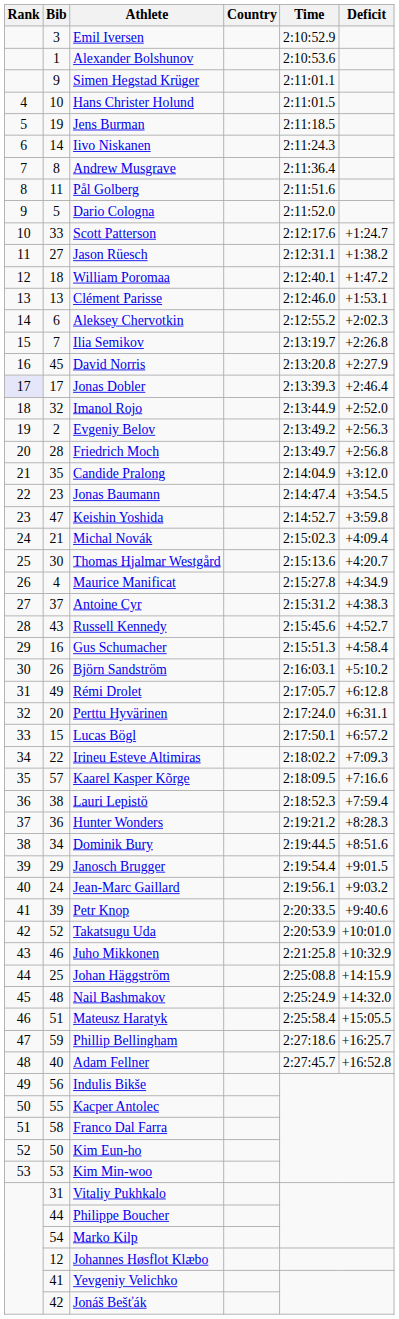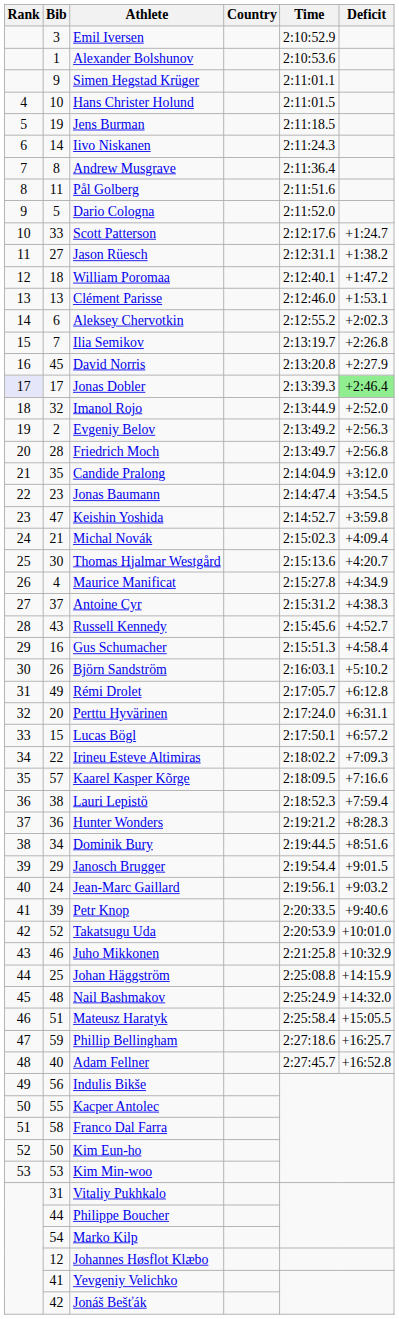 <table class="wikitable sortable" style="text-align:center">
 <tr>
 <th>Rank</th>
 <th>Bib</th>
 <th>Athlete</th>
 <th>Country</th>
 <th>Time</th>
 <th>Deficit</th>
 </tr>
 <tr>
 <td></td>
 <td>3</td>
 <td align=left><a href='#'>Emil Iversen</a></td>
 <td align=left></td>
 <td>2:10:52.9</td>
 <td></td>
 </tr>
 <tr>
 <td></td>
 <td>1</td>
 <td align=left><a href='#'>Alexander Bolshunov</a></td>
 <td align=left></td>
 <td>2:10:53.6</td>
 <td></td>
 </tr>
 <tr>
 <td></td>
 <td>9</td>
 <td align=left><a href='#'>Simen Hegstad Krüger</a></td>
 <td align=left></td>
 <td>2:11:01.1</td>
 <td></td>
 </tr>
 <tr>
 <td>4</td>
 <td>10</td>
 <td align=left><a href='#'>Hans Christer Holund</a></td>
 <td align=left></td>
 <td>2:11:01.5</td>
 <td></td>
 </tr>
 <tr>
 <td>5</td>
 <td>19</td>
 <td align=left><a href='#'>Jens Burman</a></td>
 <td align=left></td>
 <td>2:11:18.5</td>
 <td></td>
 </tr>
 <tr>
 <td>6</td>
 <td>14</td>
 <td align=left><a href='#'>Iivo Niskanen</a></td>
 <td align=left></td>
 <td>2:11:24.3</td>
 <td></td>
 </tr>
 <tr>
 <td>7</td>
 <td>8</td>
 <td align=left><a href='#'>Andrew Musgrave</a></td>
 <td align=left></td>
 <td>2:11:36.4</td>
 <td></td>
 </tr>
 <tr>
 <td>8</td>
 <td>11</td>
 <td align=left><a href='#'>Pål Golberg</a></td>
 <td align=left></td>
 <td>2:11:51.6</td>
 <td></td>
 </tr>
 <tr>
 <td>9</td>
 <td>5</td>
 <td align=left><a href='#'>Dario Cologna</a></td>
 <td align=left></td>
 <td>2:11:52.0</td>
 <td></td>
 </tr>
 <tr>
 <td>10</td>
 <td>33</td>
 <td align=left><a href='#'>Scott Patterson</a></td>
 <td align=left></td>
 <td>2:12:17.6</td>
 <td>+1:24.7</td>
 </tr>
 <tr>
 <td>11</td>
 <td>27</td>
 <td align=left><a href='#'>Jason Rüesch</a></td>
 <td align=left></td>
 <td>2:12:31.1</td>
 <td>+1:38.2</td>
 </tr>
 <tr>
 <td>12</td>
 <td>18</td>
 <td align=left><a href='#'>William Poromaa</a></td>
 <td align=left></td>
 <td>2:12:40.1</td>
 <td>+1:47.2</td>
 </tr>
 <tr>
 <td>13</td>
 <td>13</td>
 <td align=left><a href='#'>Clément Parisse</a></td>
 <td align=left></td>
 <td>2:12:46.0</td>
 <td>+1:53.1</td>
 </tr>
 <tr>
 <td>14</td>
 <td>6</td>
 <td align=left><a href='#'>Aleksey Chervotkin</a></td>
 <td align=left></td>
 <td>2:12:55.2</td>
 <td>+2:02.3</td>
 </tr>
 <tr>
 <td>15</td>
 <td>7</td>
 <td align=left><a href='#'>Ilia Semikov</a></td>
 <td align=left></td>
 <td>2:13:19.7</td>
 <td>+2:26.8</td>
 </tr>
 <tr>
 <td>16</td>
 <td>45</td>
 <td align=left><a href='#'>David Norris</a></td>
 <td align=left></td>
 <td>2:13:20.8</td>
 <td>+2:27.9</td>
 </tr>
 <tr>
 <td style="background: lavender;">17</td>
 <td>17</td>
 <td align=left><a href='#'>Jonas Dobler</a></td>
 <td align=left></td>
 <td>2:13:39.3</td>
-<td>+2:46.4</td>
+<td style="background: lightgreen;">+2:46.4</td>
 </tr>
 <tr>
 <td>18</td>
 <td>32</td>
 <td align=left><a href='#'>Imanol Rojo</a></td>
 <td align=left></td>
 <td>2:13:44.9</td>
 <td>+2:52.0</td>
 </tr>
 <tr>
 <td>19</td>
 <td>2</td>
 <td align=left><a href='#'>Evgeniy Belov</a></td>
 <td align=left></td>
 <td>2:13:49.2</td>
 <td>+2:56.3</td>
 </tr>
 <tr>
 <td>20</td>
 <td>28</td>
 <td align=left><a href='#'>Friedrich Moch</a></td>
 <td align=left></td>
 <td>2:13:49.7</td>
 <td>+2:56.8</td>
 </tr>
 <tr>
 <td>21</td>
 <td>35</td>
 <td align=left><a href='#'>Candide Pralong</a></td>
 <td align=left></td>
 <td>2:14:04.9</td>
 <td>+3:12.0</td>
 </tr>
 <tr>
 <td>22</td>
 <td>23</td>
 <td align=left><a href='#'>Jonas Baumann</a></td>
 <td align=left></td>
 <td>2:14:47.4</td>
 <td>+3:54.5</td>
 </tr>
 <tr>
 <td>23</td>
 <td>47</td>
 <td align=left><a href='#'>Keishin Yoshida</a></td>
 <td align=left></td>
 <td>2:14:52.7</td>
 <td>+3:59.8</td>
 </tr>
 <tr>
 <td>24</td>
 <td>21</td>
 <td align=left><a href='#'>Michal Novák</a></td>
 <td align=left></td>
 <td>2:15:02.3</td>
 <td>+4:09.4</td>
 </tr>
 <tr>
 <td>25</td>
 <td>30</td>
 <td align=left><a href='#'>Thomas Hjalmar Westgård</a></td>
 <td align=left></td>
 <td>2:15:13.6</td>
 <td>+4:20.7</td>
 </tr>
 <tr>
 <td>26</td>
 <td>4</td>
 <td align=left><a href='#'>Maurice Manificat</a></td>
 <td align=left></td>
 <td>2:15:27.8</td>
 <td>+4:34.9</td>
 </tr>
 <tr>
 <td>27</td>
 <td>37</td>
 <td align=left><a href='#'>Antoine Cyr</a></td>
 <td align=left></td>
 <td>2:15:31.2</td>
 <td>+4:38.3</td>
 </tr>
 <tr>
 <td>28</td>
 <td>43</td>
 <td align=left><a href='#'>Russell Kennedy</a></td>
 <td align=left></td>
 <td>2:15:45.6</td>
 <td>+4:52.7</td>
 </tr>
 <tr>
 <td>29</td>
 <td>16</td>
 <td align=left><a href='#'>Gus Schumacher</a></td>
 <td align=left></td>
 <td>2:15:51.3</td>
 <td>+4:58.4</td>
 </tr>
 <tr>
 <td>30</td>
 <td>26</td>
 <td align=left><a href='#'>Björn Sandström</a></td>
 <td align=left></td>
 <td>2:16:03.1</td>
 <td>+5:10.2</td>
 </tr>
 <tr>
 <td>31</td>
 <td>49</td>
 <td align=left><a href='#'>Rémi Drolet</a></td>
 <td align=left></td>
 <td>2:17:05.7</td>
 <td>+6:12.8</td>
 </tr>
 <tr>
 <td>32</td>
 <td>20</td>
 <td align=left><a href='#'>Perttu Hyvärinen</a></td>
 <td align=left></td>
 <td>2:17:24.0</td>
 <td>+6:31.1</td>
 </tr>
 <tr>
 <td>33</td>
 <td>15</td>
 <td align=left><a href='#'>Lucas Bögl</a></td>
 <td align=left></td>
 <td>2:17:50.1</td>
 <td>+6:57.2</td>
 </tr>
 <tr>
 <td>34</td>
 <td>22</td>
 <td align=left><a href='#'>Irineu Esteve Altimiras</a></td>
 <td align=left></td>
 <td>2:18:02.2</td>
 <td>+7:09.3</td>
 </tr>
 <tr>
 <td>35</td>
 <td>57</td>
 <td align=left><a href='#'>Kaarel Kasper Kõrge</a></td>
 <td align=left></td>
 <td>2:18:09.5</td>
 <td>+7:16.6</td>
 </tr>
 <tr>
 <td>36</td>
 <td>38</td>
 <td align=left><a href='#'>Lauri Lepistö</a></td>
 <td align=left></td>
 <td>2:18:52.3</td>
 <td>+7:59.4</td>
 </tr>
 <tr>
 <td>37</td>
 <td>36</td>
 <td align=left><a href='#'>Hunter Wonders</a></td>
 <td align=left></td>
 <td>2:19:21.2</td>
 <td>+8:28.3</td>
 </tr>
 <tr>
 <td>38</td>
 <td>34</td>
 <td align=left><a href='#'>Dominik Bury</a></td>
 <td align=left></td>
 <td>2:19:44.5</td>
 <td>+8:51.6</td>
 </tr>
 <tr>
 <td>39</td>
 <td>29</td>
 <td align=left><a href='#'>Janosch Brugger</a></td>
 <td align=left></td>
 <td>2:19:54.4</td>
 <td>+9:01.5</td>
 </tr>
 <tr>
 <td>40</td>
 <td>24</td>
 <td align=left><a href='#'>Jean-Marc Gaillard</a></td>
 <td align=left></td>
 <td>2:19:56.1</td>
 <td>+9:03.2</td>
 </tr>
 <tr>
 <td>41</td>
 <td>39</td>
 <td align=left><a href='#'>Petr Knop</a></td>
 <td align=left></td>
 <td>2:20:33.5</td>
 <td>+9:40.6</td>
 </tr>
 <tr>
 <td>42</td>
 <td>52</td>
 <td align=left><a href='#'>Takatsugu Uda</a></td>
 <td align=left></td>
 <td>2:20:53.9</td>
 <td>+10:01.0</td>
 </tr>
 <tr>
 <td>43</td>
 <td>46</td>
 <td align=left><a href='#'>Juho Mikkonen</a></td>
 <td align=left></td>
 <td>2:21:25.8</td>
 <td>+10:32.9</td>
 </tr>
 <tr>
 <td>44</td>
 <td>25</td>
 <td align=left><a href='#'>Johan Häggström</a></td>
 <td align=left></td>
 <td>2:25:08.8</td>
 <td>+14:15.9</td>
 </tr>
 <tr>
 <td>45</td>
 <td>48</td>
 <td align=left><a href='#'>Nail Bashmakov</a></td>
 <td align=left></td>
 <td>2:25:24.9</td>
 <td>+14:32.0</td>
 </tr>
 <tr>
 <td>46</td>
 <td>51</td>
 <td align=left><a href='#'>Mateusz Haratyk</a></td>
 <td align=left></td>
 <td>2:25:58.4</td>
 <td>+15:05.5</td>
 </tr>
 <tr>
 <td>47</td>
 <td>59</td>
 <td align=left><a href='#'>Phillip Bellingham</a></td>
 <td align=left></td>
 <td>2:27:18.6</td>
 <td>+16:25.7</td>
 </tr>
 <tr>
 <td>48</td>
 <td>40</td>
 <td align=left><a href='#'>Adam Fellner</a></td>
 <td align=left></td>
 <td>2:27:45.7</td>
 <td>+16:52.8</td>
 </tr>
 <tr>
 <td>49</td>
 <td>56</td>
 <td align=left><a href='#'>Indulis Bikše</a></td>
 <td align=left></td>
 <td colspan=2 rowspan=5></td>
 </tr>
 <tr>
 <td>50</td>
 <td>55</td>
 <td align=left><a href='#'>Kacper Antolec</a></td>
 <td align=left></td>
 </tr>
 <tr>
 <td>51</td>
 <td>58</td>
 <td align=left><a href='#'>Franco Dal Farra</a></td>
 <td align=left></td>
 </tr>
 <tr>
 <td>52</td>
 <td>50</td>
 <td align=left><a href='#'>Kim Eun-ho</a></td>
 <td align=left></td>
 </tr>
 <tr>
 <td>53</td>
 <td>53</td>
 <td align=left><a href='#'>Kim Min-woo</a></td>
 <td align=left></td>
 </tr>
 <tr>
 <td rowspan=6></td>
 <td>31</td>
 <td align=left><a href='#'>Vitaliy Pukhkalo</a></td>
 <td align=left></td>
 <td colspan=2 rowspan=3></td>
 </tr>
 <tr>
 <td>44</td>
 <td align=left><a href='#'>Philippe Boucher</a></td>
 <td align=left></td>
 </tr>
 <tr>
 <td>54</td>
 <td align=left><a href='#'>Marko Kilp</a></td>
 <td align=left></td>
 </tr>
 <tr>
 <td>12</td>
 <td align=left><a href='#'>Johannes Høsflot Klæbo</a></td>
 <td align=left></td>
 <td colspan=2></td>
 </tr>
 <tr>
 <td>41</td>
 <td align=left><a href='#'>Yevgeniy Velichko</a></td>
 <td align=left></td>
 <td colspan=2 rowspan=2></td>
 </tr>
 <tr>
 <td>42</td>
 <td align=left><a href='#'>Jonáš Bešťák</a></td>
 <td align=left></td>
 </tr>
 </table>
